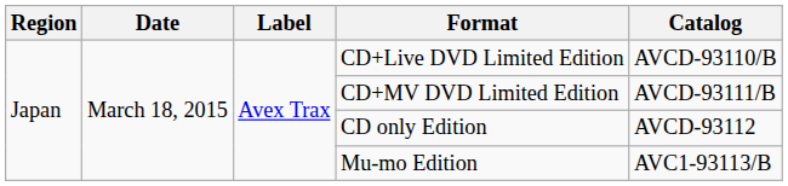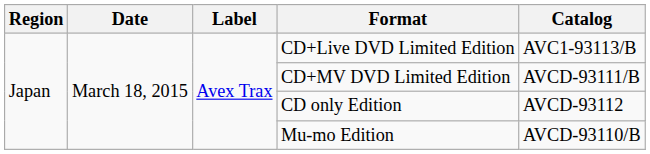 <table class="wikitable">
 <tr>
 <th>Region</th>
 <th>Date</th>
 <th>Label</th>
 <th>Format</th>
 <th>Catalog</th>
 </tr>
 <tr>
 <td rowspan="4">Japan</td>
 <td rowspan="4">March 18, 2015</td>
 <td rowspan="4"><a href='#'>Avex Trax</a></td>
 <td>CD+Live DVD Limited Edition</td>
-<td>AVCD-93110/B</td>
+<td>AVC1-93113/B</td>
 </tr>
 <tr>
 <td>CD+MV DVD Limited Edition</td>
 <td>AVCD-93111/B</td>
 </tr>
 <tr>
 <td>CD only Edition</td>
 <td>AVCD-93112</td>
 </tr>
 <tr>
 <td>Mu-mo Edition</td>
-<td>AVC1-93113/B</td>
+<td>AVCD-93110/B</td>
 </tr>
 </table>
